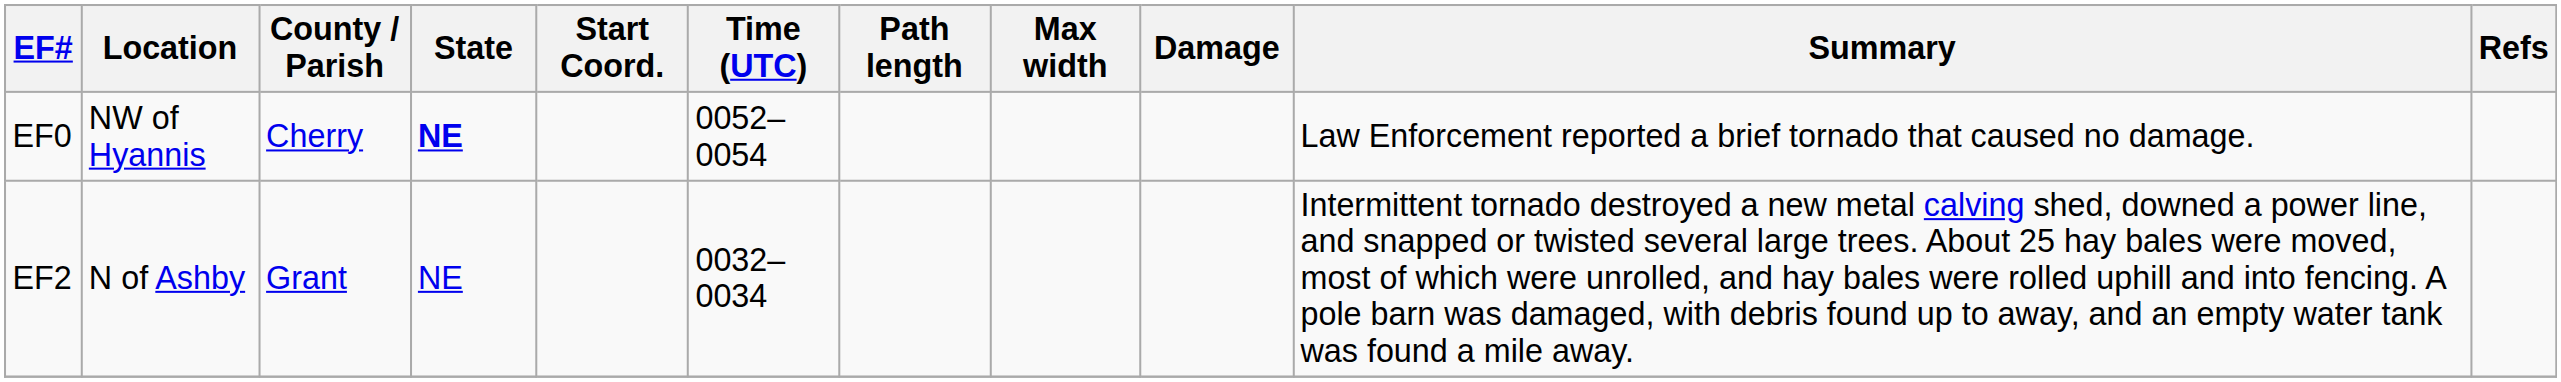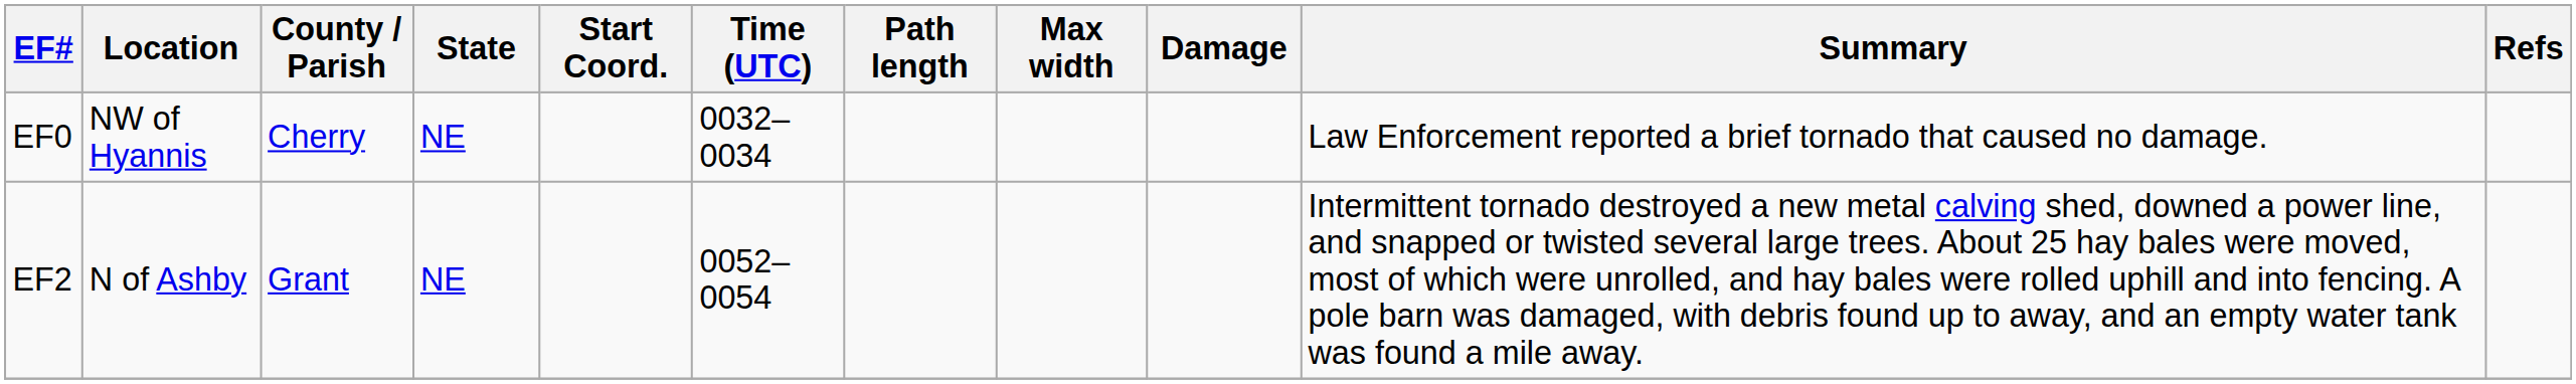 <table class="wikitable sortable" style="width:100%;">
 <tr>
 <th scope="col" width="3%" align="center"><a href='#'>EF#</a></th>
 <th scope="col" width="7%" align="center" class="unsortable">Location</th>
 <th scope="col" width="6%" align="center" class="unsortable">County / Parish</th>
 <th scope="col" width="5%" align="center">State</th>
 <th scope="col" width="6%" align="center">Start Coord.</th>
 <th scope="col" width="6%" align="center">Time (<a href='#'>UTC</a>)</th>
 <th scope="col" width="6%" align="center">Path length</th>
 <th scope="col" width="6%" align="center">Max width</th>
 <th scope="col" width="6%" align="center">Damage</th>
 <th scope="col" width="48%" class="unsortable" align="center">Summary</th>
 <th scope="col" width="48%" class="unsortable" align="center">Refs</th>
 </tr>
 <tr>
 <td>EF0</td>
 <td>NW of <a href='#'>Hyannis</a></td>
 <td><a href='#'>Cherry</a></td>
-<td><strong><a href='#'>NE</a></strong></td>
+<td><a href='#'>NE</a></td>
 <td></td>
-<td>0052–0054</td>
+<td>0032–0034</td>
 <td></td>
 <td></td>
 <td></td>
 <td>Law Enforcement reported a brief tornado that caused no damage.</td>
 <td></td>
 </tr>
 <tr>
 <td>EF2</td>
 <td>N of <a href='#'>Ashby</a></td>
 <td><a href='#'>Grant</a></td>
 <td><a href='#'>NE</a></td>
 <td></td>
-<td>0032–0034</td>
+<td>0052–0054</td>
 <td></td>
 <td></td>
 <td></td>
 <td>Intermittent tornado destroyed a new metal <a href='#'>calving</a> shed, downed a power line, and snapped or twisted several large trees. About 25  hay bales were moved, most of which were unrolled, and hay bales were rolled uphill and into fencing. A pole barn was damaged, with debris found up to  away, and an empty  water tank was found a mile away.</td>
 <td></td>
 </tr>
 <tr>
 </tr>
 </table>
